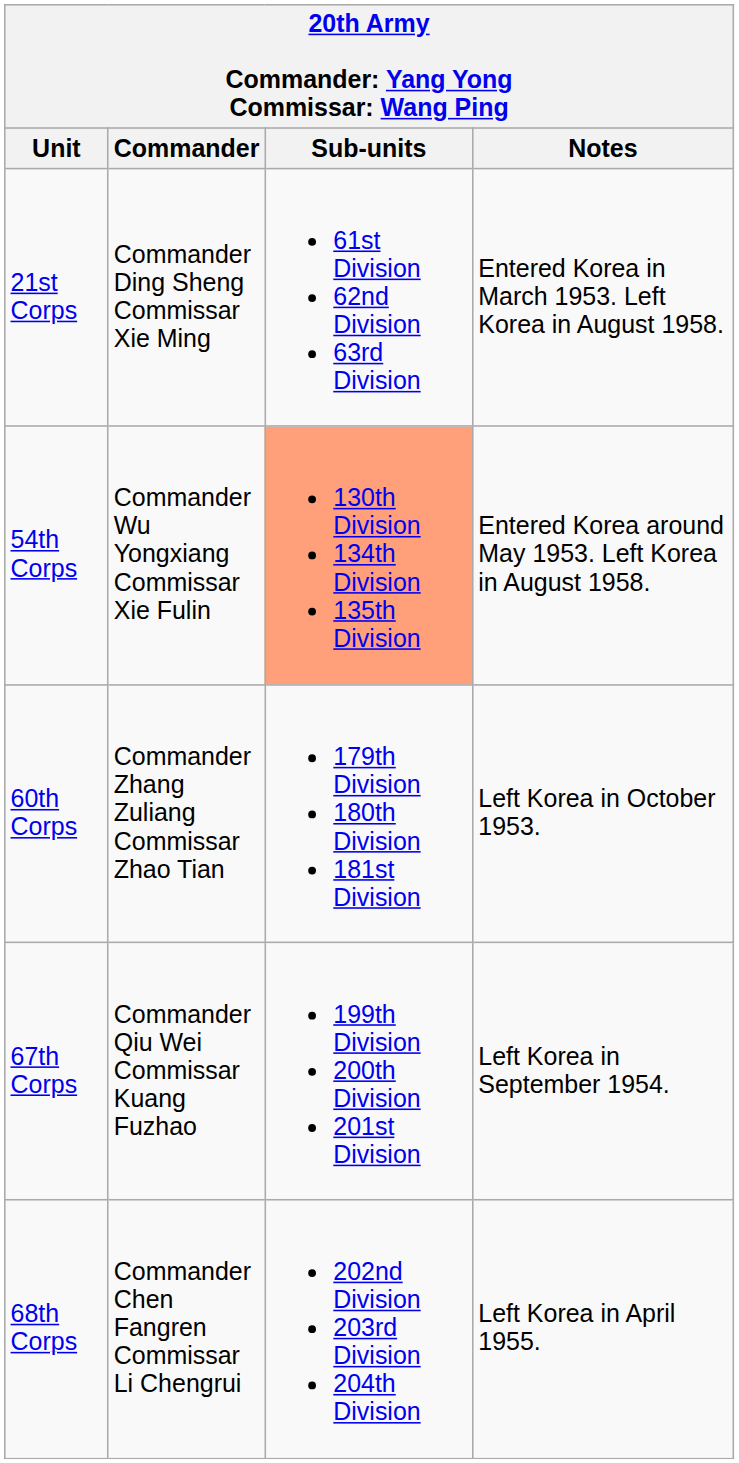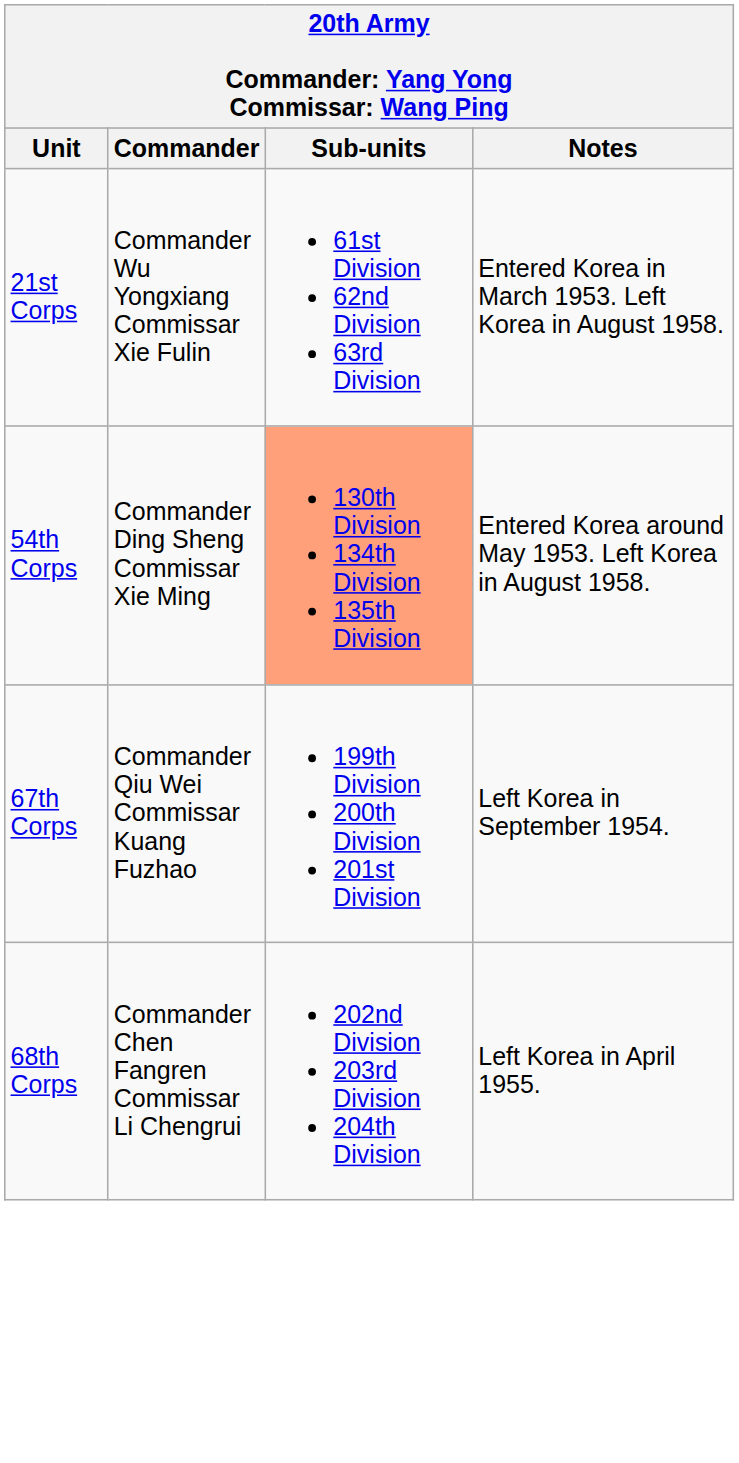 <table class="wikitable" style="width: 75%">
 <tr>
 <th colspan="4" align= center> <a href='#'>20th Army</a><br><br>Commander: <a href='#'>Yang Yong</a><br> Commissar: <a href='#'>Wang Ping</a><br></th>
 </tr>
 <tr>
 <th width=15%; align= center>Unit</th>
 <th width=15%; align= center>Commander</th>
 <th width=30%; align= center>Sub-units</th>
 <th width=40%; align= center>Notes</th>
 </tr>
 <tr>
 <td><a href='#'>21st Corps</a></td>
-<td>Commander Ding Sheng<br>Commissar Xie Ming</td>
+<td>Commander Wu Yongxiang<br>Commissar Xie Fulin</td>
 <td><br><ul><li><a href='#'>61st Division</a></li><li><a href='#'>62nd Division</a></li><li><a href='#'>63rd Division</a></li></ul></td>
 <td>Entered Korea in March 1953. Left Korea in August 1958.</td>
 </tr>
 <tr>
 <td><a href='#'>54th Corps</a></td>
-<td>Commander Wu Yongxiang<br>Commissar Xie Fulin</td>
+<td>Commander Ding Sheng<br>Commissar Xie Ming</td>
 <td style="background: lightsalmon;"><br><ul><li><a href='#'>130th Division</a></li><li><a href='#'>134th Division</a></li><li><a href='#'>135th Division</a></li></ul></td>
 <td>Entered Korea around May 1953. Left Korea in August 1958.</td>
-</tr>
-<tr>
-<td><a href='#'>60th Corps</a></td>
-<td>Commander Zhang Zuliang<br>Commissar Zhao Tian</td>
-<td><br><ul><li><a href='#'>179th Division</a></li><li><a href='#'>180th Division</a></li><li><a href='#'>181st Division</a></li></ul></td>
-<td>Left Korea in October 1953.</td>
 </tr>
 <tr>
 <td><a href='#'>67th Corps</a></td>
 <td>Commander Qiu Wei<br>Commissar Kuang Fuzhao</td>
 <td><br><ul><li><a href='#'>199th Division</a></li><li><a href='#'>200th Division</a></li><li><a href='#'>201st Division</a></li></ul></td>
 <td>Left Korea in September 1954.</td>
 </tr>
 <tr>
 <td><a href='#'>68th Corps</a></td>
 <td>Commander Chen Fangren<br>Commissar Li Chengrui</td>
 <td><br><ul><li><a href='#'>202nd Division</a></li><li><a href='#'>203rd Division</a></li><li><a href='#'>204th Division</a></li></ul></td>
 <td>Left Korea in April 1955.</td>
 </tr>
 </table>
